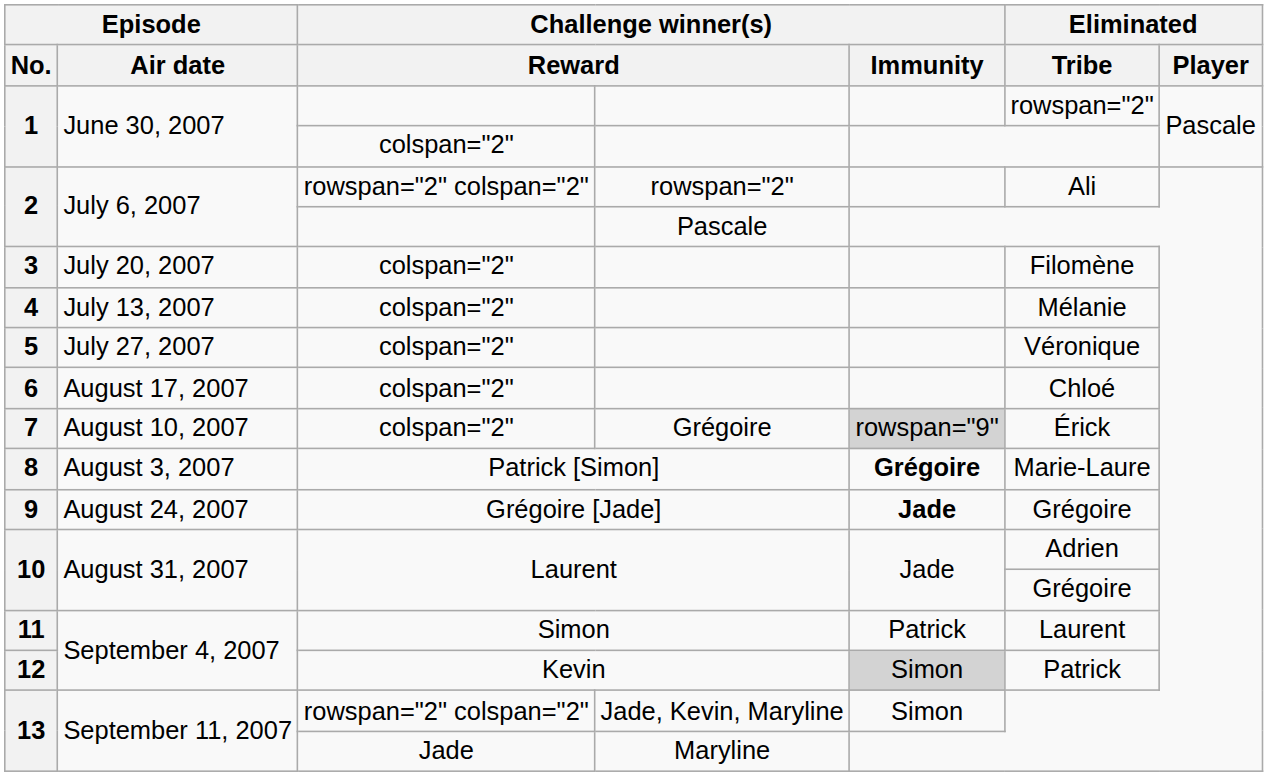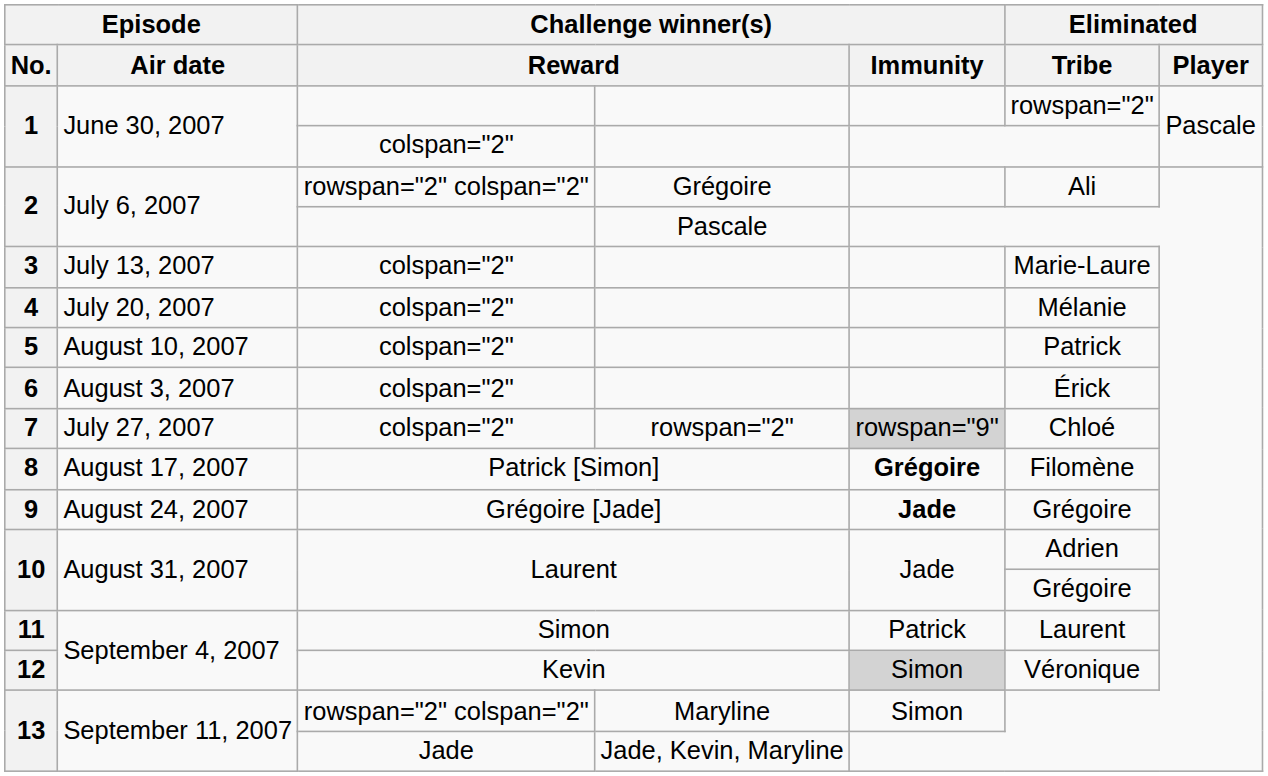 <table class="wikitable unsortable" style="text-align:center;">
 <tr>
 <th colspan="2" scope="col">Episode</th>
 <th colspan="3" scope="col">Challenge winner(s)</th>
 <th colspan="2" scope="col">Eliminated</th>
 </tr>
 <tr>
 <th scope="col">No.</th>
 <th scope="col">Air date</th>
 <th scope="col" colspan="2">Reward</th>
 <th scope="col">Immunity</th>
 <th scope="col">Tribe</th>
 <th scope="col">Player</th>
 </tr>
 <tr>
 <th rowspan="2" scope="row">1</th>
 <td rowspan="2" align="left">June 30, 2007</td>
 <td></td>
 <td></td>
 <td></td>
 <td>rowspan="2" </td>
 <td rowspan="2">Pascale</td>
 </tr>
 <tr>
 <td>colspan="2" </td>
 <td></td>
 </tr>
 <tr>
 <th rowspan="2" scope="row">2</th>
 <td rowspan="2" align="left">July 6, 2007</td>
 <td>rowspan="2" colspan="2" </td>
-<td>rowspan="2" </td>
+<td>Grégoire</td>
 <td></td>
 <td>Ali</td>
 </tr>
 <tr>
 <td></td>
 <td>Pascale</td>
 </tr>
 <tr>
 <th scope="row">3</th>
-<td align="left">July 20, 2007</td>
+<td align="left">July 13, 2007</td>
 <td>colspan="2" </td>
 <td></td>
 <td></td>
-<td>Filomène</td>
+<td>Marie-Laure</td>
 </tr>
 <tr>
 <th scope="row">4</th>
-<td align="left">July 13, 2007</td>
+<td align="left">July 20, 2007</td>
 <td>colspan="2" </td>
 <td></td>
 <td></td>
 <td>Mélanie</td>
 </tr>
 <tr>
 <th scope="row">5</th>
-<td align="left">July 27, 2007</td>
+<td align="left">August 10, 2007</td>
 <td>colspan="2" </td>
 <td></td>
 <td></td>
-<td>Véronique</td>
+<td>Patrick</td>
 </tr>
 <tr>
 <th scope="row">6</th>
-<td align="left">August 17, 2007</td>
+<td align="left">August 3, 2007</td>
 <td>colspan="2" </td>
 <td></td>
 <td></td>
+<td>Érick</td>
+</tr>
+<tr>
+<th scope="row">7</th>
+<td align="left">July 27, 2007</td>
+<td>colspan="2" </td>
+<td>rowspan="2" </td>
+<td style="background: lightgrey;">rowspan="9" </td>
 <td>Chloé</td>
 </tr>
 <tr>
-<th scope="row">7</th>
-<td align="left">August 10, 2007</td>
-<td>colspan="2" </td>
-<td>Grégoire</td>
-<td style="background: lightgrey;">rowspan="9" </td>
-<td>Érick</td>
-</tr>
-<tr>
 <th scope="row">8</th>
-<td align="left">August 3, 2007</td>
+<td align="left">August 17, 2007</td>
 <td colspan="2">Patrick [Simon]</td>
 <td><strong>Grégoire</strong></td>
-<td>Marie-Laure</td>
+<td>Filomène</td>
 </tr>
 <tr>
 <th scope="row">9</th>
 <td align="left">August 24, 2007</td>
 <td colspan="2">Grégoire [Jade]</td>
 <td><strong>Jade</strong></td>
 <td>Grégoire</td>
 </tr>
 <tr>
 <th rowspan="2" scope="row">10</th>
 <td rowspan="2" align="left">August 31, 2007</td>
 <td rowspan="2" colspan="2">Laurent</td>
 <td rowspan="2">Jade</td>
 <td>Adrien</td>
 </tr>
 <tr>
 <td>Grégoire</td>
 </tr>
 <tr>
 <th scope="row">11</th>
 <td rowspan="2" align="left">September 4, 2007</td>
 <td colspan="2">Simon</td>
 <td>Patrick</td>
 <td>Laurent</td>
 </tr>
 <tr>
 <th scope="row">12</th>
 <td colspan="2">Kevin</td>
 <td style="background: lightgrey;">Simon</td>
-<td>Patrick</td>
+<td>Véronique</td>
 </tr>
 <tr>
 <th rowspan="2" scope="row">13</th>
 <td rowspan="2" align="left">September 11, 2007</td>
 <td>rowspan="2" colspan="2" </td>
-<td>Jade, Kevin, Maryline</td>
+<td>Maryline</td>
 <td>Simon</td>
 </tr>
 <tr>
 <td>Jade</td>
-<td>Maryline</td>
+<td>Jade, Kevin, Maryline</td>
 </tr>
 </table>
